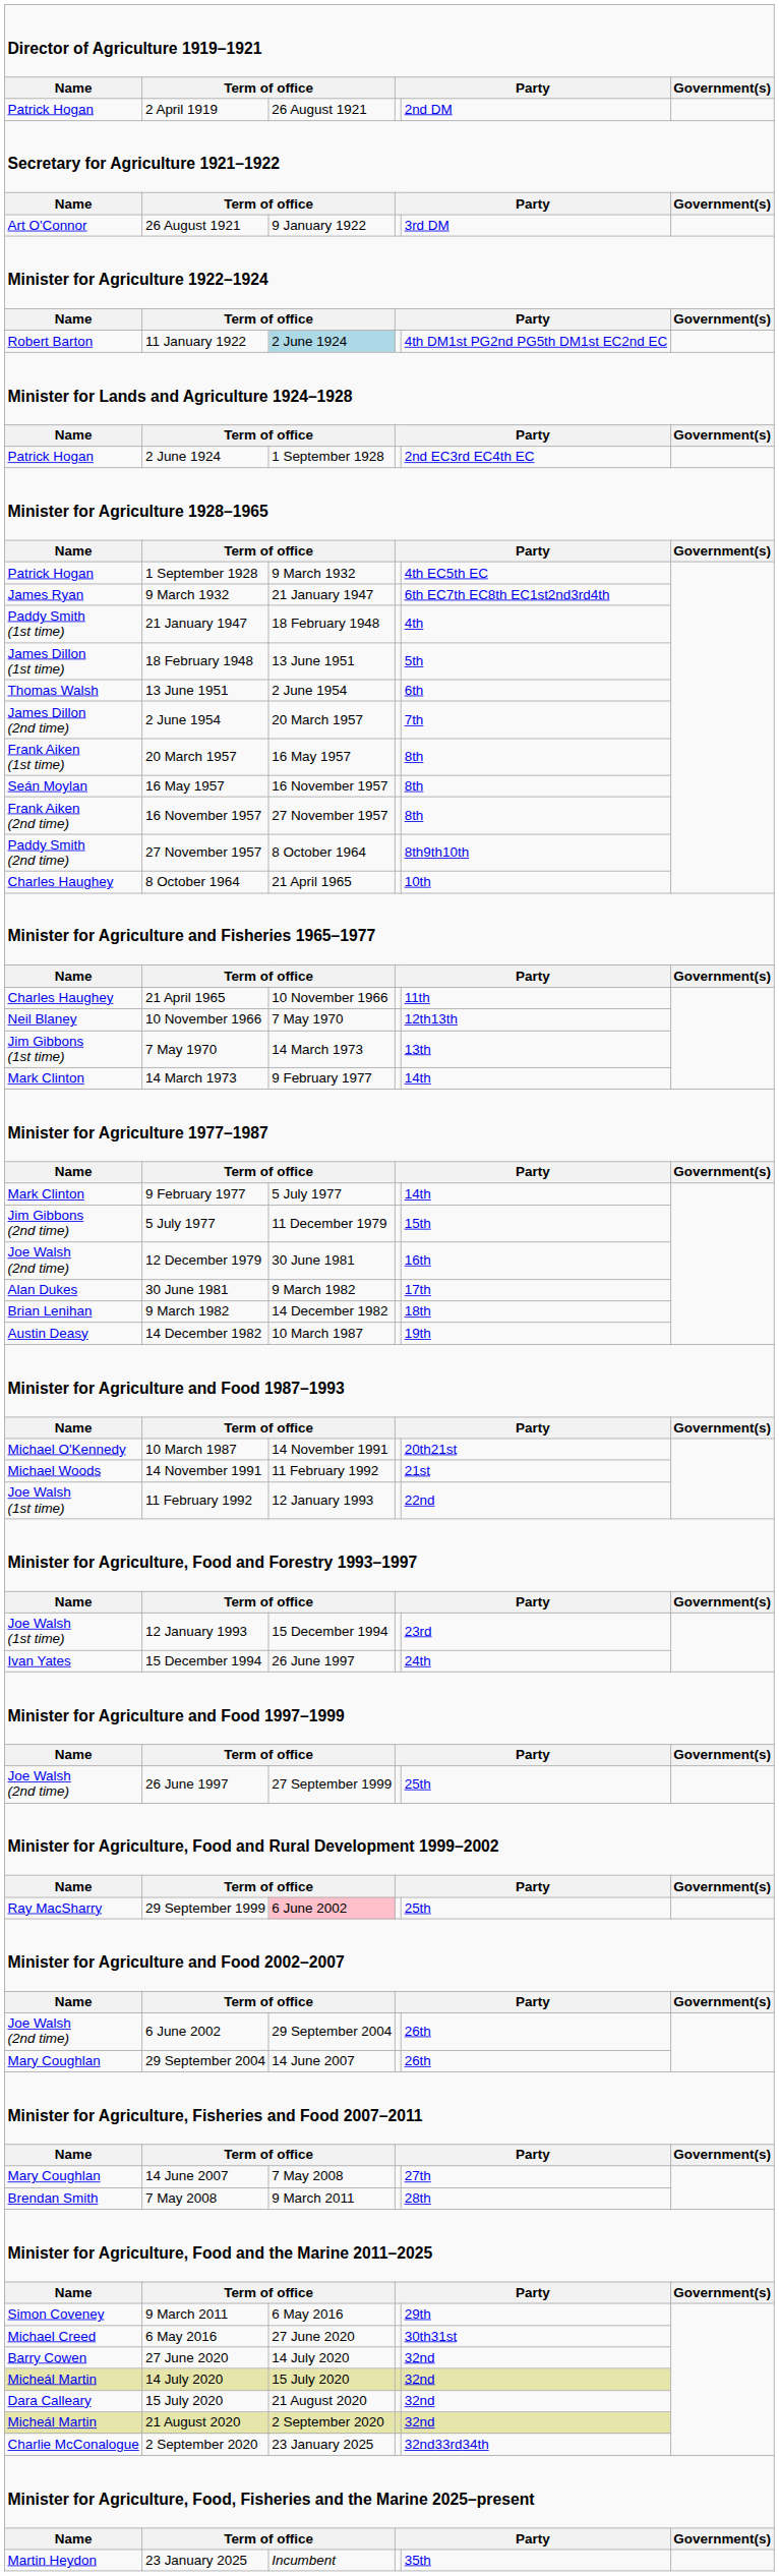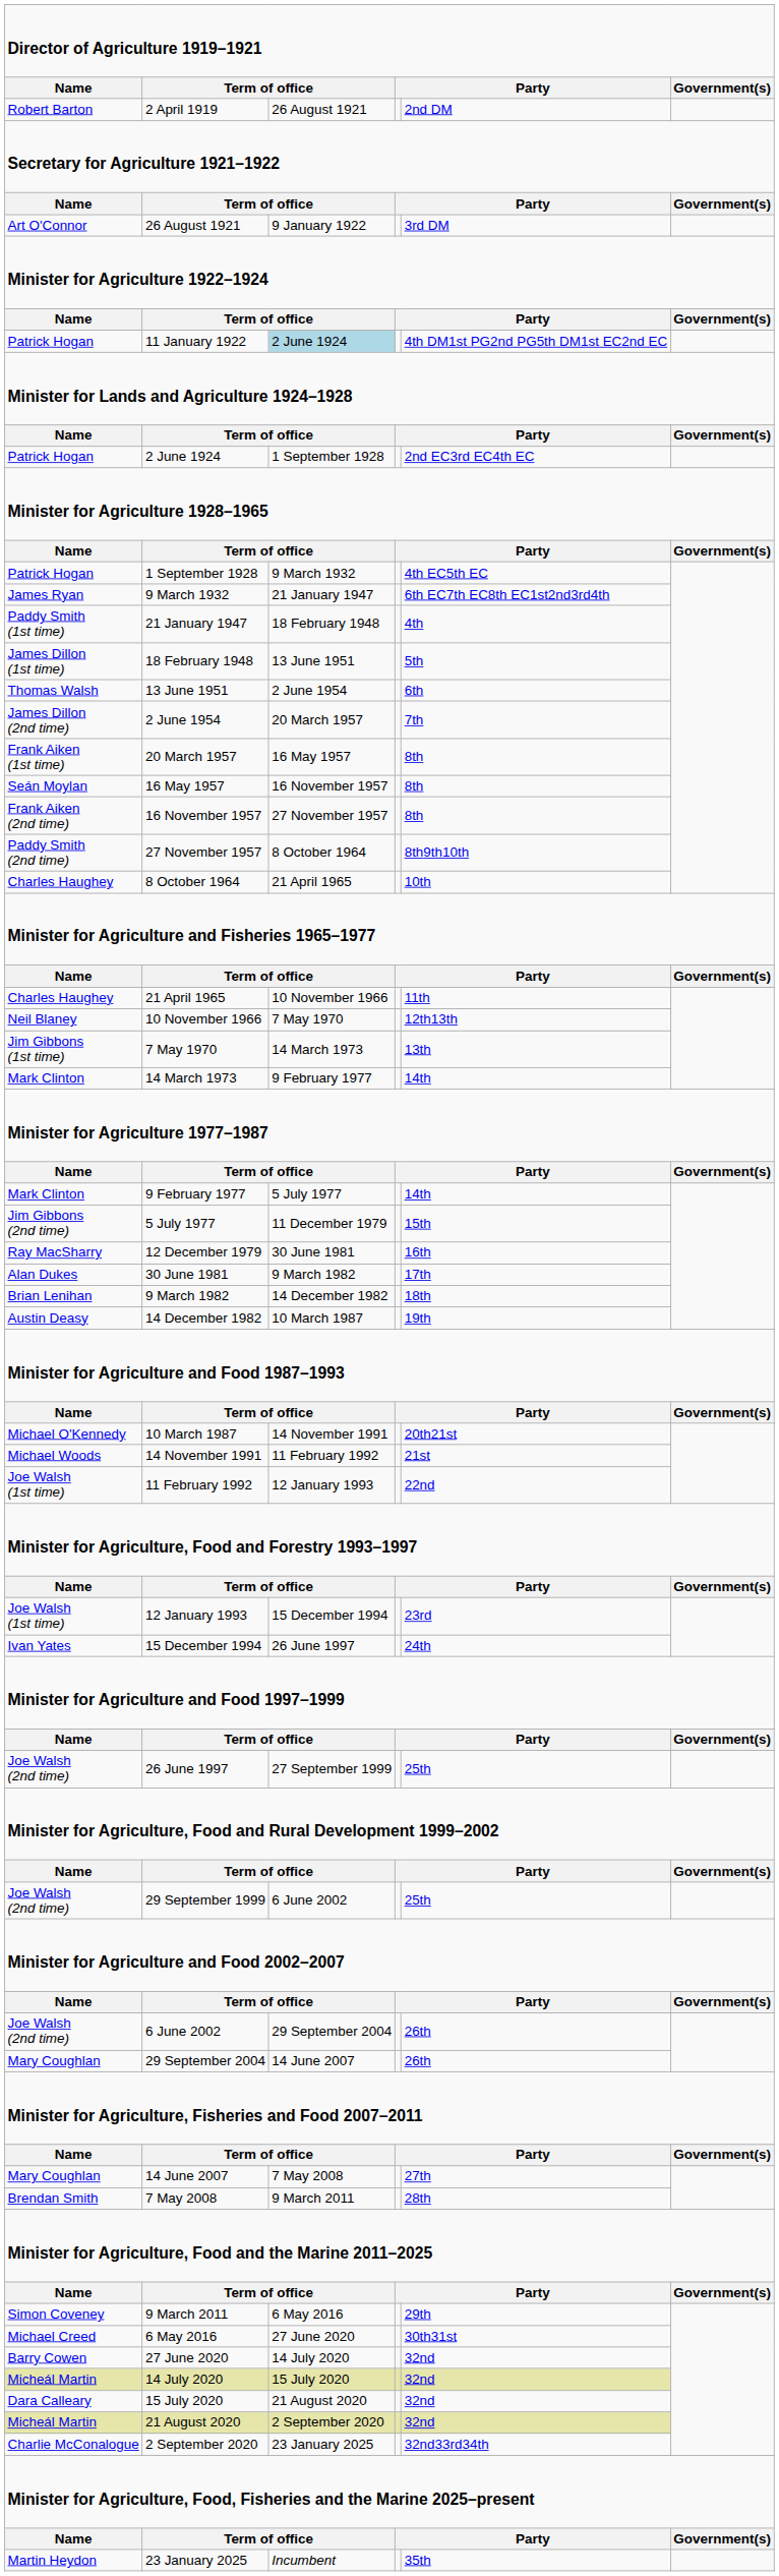 <table class ="wikitable">
 <tr>
 <td colspan="6"><br><h3>Director of Agriculture 1919–1921</h3></td>
 </tr>
 <tr>
 <th>Name</th>
 <th colspan="2">Term of office</th>
 <th colspan="2">Party</th>
 <th>Government(s)</th>
 </tr>
 <tr>
-<td><a href='#'>Patrick Hogan</a></td>
+<td><a href='#'>Robert Barton</a></td>
 <td>2 April 1919</td>
 <td>26 August 1921</td>
 <td></td>
 <td><a href='#'>2nd DM</a></td>
 </tr>
 <tr>
 <td colspan="6"><br><h3>Secretary for Agriculture 1921–1922</h3></td>
 </tr>
 <tr>
 <th>Name</th>
 <th colspan="2">Term of office</th>
 <th colspan="2">Party</th>
 <th>Government(s)</th>
 </tr>
 <tr>
 <td><a href='#'>Art O'Connor</a></td>
 <td>26 August 1921</td>
 <td>9 January 1922</td>
 <td></td>
 <td><a href='#'>3rd DM</a></td>
 </tr>
 <tr>
 <td colspan="6"><br><h3>Minister for Agriculture 1922–1924</h3></td>
 </tr>
 <tr>
 <th>Name</th>
 <th colspan="2">Term of office</th>
 <th colspan="2">Party</th>
 <th>Government(s)</th>
 </tr>
 <tr>
-<td><a href='#'>Robert Barton</a></td>
+<td><a href='#'>Patrick Hogan</a></td>
 <td>11 January 1922</td>
 <td style="background: lightblue;">2 June 1924</td>
 <td></td>
 <td><a href='#'>4th DM</a><a href='#'>1st PG</a><a href='#'>2nd PG</a><a href='#'>5th DM</a><a href='#'>1st EC</a><a href='#'>2nd EC</a></td>
 </tr>
 <tr>
 <td colspan="6"><br><h3>Minister for Lands and Agriculture 1924–1928</h3></td>
 </tr>
 <tr>
 <th>Name</th>
 <th colspan="2">Term of office</th>
 <th colspan="2">Party</th>
 <th>Government(s)</th>
 </tr>
 <tr>
 <td><a href='#'>Patrick Hogan</a></td>
 <td>2 June 1924</td>
 <td>1 September 1928</td>
 <td></td>
 <td><a href='#'>2nd EC</a><a href='#'>3rd EC</a><a href='#'>4th EC</a></td>
 </tr>
 <tr>
 <td colspan="6"><br><h3>Minister for Agriculture 1928–1965</h3></td>
 </tr>
 <tr>
 <th>Name</th>
 <th colspan="2">Term of office</th>
 <th colspan="2">Party</th>
 <th>Government(s)</th>
 </tr>
 <tr>
 <td><a href='#'>Patrick Hogan</a></td>
 <td>1 September 1928</td>
 <td>9 March 1932</td>
 <td></td>
 <td><a href='#'>4th EC</a><a href='#'>5th EC</a></td>
 </tr>
 <tr>
 <td><a href='#'>James Ryan</a></td>
 <td>9 March 1932</td>
 <td>21 January 1947</td>
 <td></td>
 <td><a href='#'>6th EC</a><a href='#'>7th EC</a><a href='#'>8th EC</a><a href='#'>1st</a><a href='#'>2nd</a><a href='#'>3rd</a><a href='#'>4th</a></td>
 </tr>
 <tr>
 <td><a href='#'>Paddy Smith</a><br><em>(1st time)</em></td>
 <td>21 January 1947</td>
 <td>18 February 1948</td>
 <td></td>
 <td><a href='#'>4th</a></td>
 </tr>
 <tr>
 <td><a href='#'>James Dillon</a><br><em>(1st time)</em></td>
 <td>18 February 1948</td>
 <td>13 June 1951</td>
 <td></td>
 <td><a href='#'>5th</a></td>
 </tr>
 <tr>
 <td><a href='#'>Thomas Walsh</a></td>
 <td>13 June 1951</td>
 <td>2 June 1954</td>
 <td></td>
 <td><a href='#'>6th</a></td>
 </tr>
 <tr>
 <td><a href='#'>James Dillon</a><br><em>(2nd time)</em></td>
 <td>2 June 1954</td>
 <td>20 March 1957</td>
 <td></td>
 <td><a href='#'>7th</a></td>
 </tr>
 <tr>
 <td><a href='#'>Frank Aiken</a><br><em>(1st time)</em></td>
 <td>20 March 1957</td>
 <td>16 May 1957</td>
 <td></td>
 <td><a href='#'>8th</a></td>
 </tr>
 <tr>
 <td><a href='#'>Seán Moylan</a></td>
 <td>16 May 1957</td>
 <td>16 November 1957</td>
 <td></td>
 <td><a href='#'>8th</a></td>
 </tr>
 <tr>
 <td><a href='#'>Frank Aiken</a><br><em>(2nd time)</em></td>
 <td>16 November 1957</td>
 <td>27 November 1957</td>
 <td></td>
 <td><a href='#'>8th</a></td>
 </tr>
 <tr>
 <td><a href='#'>Paddy Smith</a><br><em>(2nd time)</em></td>
 <td>27 November 1957</td>
 <td>8 October 1964</td>
 <td></td>
 <td><a href='#'>8th</a><a href='#'>9th</a><a href='#'>10th</a></td>
 </tr>
 <tr>
 <td><a href='#'>Charles Haughey</a></td>
 <td>8 October 1964</td>
 <td>21 April 1965</td>
 <td></td>
 <td><a href='#'>10th</a></td>
 </tr>
 <tr>
 <td colspan="6"><br><h3>Minister for Agriculture and Fisheries 1965–1977</h3></td>
 </tr>
 <tr>
 <th>Name</th>
 <th colspan="2">Term of office</th>
 <th colspan="2">Party</th>
 <th>Government(s)</th>
 </tr>
 <tr>
 <td><a href='#'>Charles Haughey</a></td>
 <td>21 April 1965</td>
 <td>10 November 1966</td>
 <td></td>
 <td><a href='#'>11th</a></td>
 </tr>
 <tr>
 <td><a href='#'>Neil Blaney</a></td>
 <td>10 November 1966</td>
 <td>7 May 1970</td>
 <td></td>
 <td><a href='#'>12th</a><a href='#'>13th</a></td>
 </tr>
 <tr>
 <td><a href='#'>Jim Gibbons</a><br><em>(1st time)</em></td>
 <td>7 May 1970</td>
 <td>14 March 1973</td>
 <td></td>
 <td><a href='#'>13th</a></td>
 </tr>
 <tr>
 <td><a href='#'>Mark Clinton</a></td>
 <td>14 March 1973</td>
 <td>9 February 1977</td>
 <td></td>
 <td><a href='#'>14th</a></td>
 </tr>
 <tr>
 <td colspan="6"><br><h3>Minister for Agriculture 1977–1987</h3></td>
 </tr>
 <tr>
 <th>Name</th>
 <th colspan="2">Term of office</th>
 <th colspan="2">Party</th>
 <th>Government(s)</th>
 </tr>
 <tr>
 <td><a href='#'>Mark Clinton</a></td>
 <td>9 February 1977</td>
 <td>5 July 1977</td>
 <td></td>
 <td><a href='#'>14th</a></td>
 </tr>
 <tr>
 <td><a href='#'>Jim Gibbons</a><br><em>(2nd time)</em></td>
 <td>5 July 1977</td>
 <td>11 December 1979</td>
 <td></td>
 <td><a href='#'>15th</a></td>
 </tr>
 <tr>
-<td><a href='#'>Joe Walsh</a><br><em>(2nd time)</em></td>
+<td><a href='#'>Ray MacSharry</a></td>
 <td>12 December 1979</td>
 <td>30 June 1981</td>
 <td></td>
 <td><a href='#'>16th</a></td>
 </tr>
 <tr>
 <td><a href='#'>Alan Dukes</a></td>
 <td>30 June 1981</td>
 <td>9 March 1982</td>
 <td></td>
 <td><a href='#'>17th</a></td>
 </tr>
 <tr>
 <td><a href='#'>Brian Lenihan</a></td>
 <td>9 March 1982</td>
 <td>14 December 1982</td>
 <td></td>
 <td><a href='#'>18th</a></td>
 </tr>
 <tr>
 <td><a href='#'>Austin Deasy</a></td>
 <td>14 December 1982</td>
 <td>10 March 1987</td>
 <td></td>
 <td><a href='#'>19th</a></td>
 </tr>
 <tr>
 <td colspan="6"><br><h3>Minister for Agriculture and Food 1987–1993</h3></td>
 </tr>
 <tr>
 <th>Name</th>
 <th colspan="2">Term of office</th>
 <th colspan="2">Party</th>
 <th>Government(s)</th>
 </tr>
 <tr>
 <td><a href='#'>Michael O'Kennedy</a></td>
 <td>10 March 1987</td>
 <td>14 November 1991</td>
 <td></td>
 <td><a href='#'>20th</a><a href='#'>21st</a></td>
 </tr>
 <tr>
 <td><a href='#'>Michael Woods</a></td>
 <td>14 November 1991</td>
 <td>11 February 1992</td>
 <td></td>
 <td><a href='#'>21st</a></td>
 </tr>
 <tr>
 <td><a href='#'>Joe Walsh</a><br><em>(1st time)</em></td>
 <td>11 February 1992</td>
 <td>12 January 1993</td>
 <td></td>
 <td><a href='#'>22nd</a></td>
 </tr>
 <tr>
 <td colspan="6"><br><h3>Minister for Agriculture, Food and Forestry 1993–1997</h3></td>
 </tr>
 <tr>
 <th>Name</th>
 <th colspan="2">Term of office</th>
 <th colspan="2">Party</th>
 <th>Government(s)</th>
 </tr>
 <tr>
 <td><a href='#'>Joe Walsh</a><br><em>(1st time)</em></td>
 <td>12 January 1993</td>
 <td>15 December 1994</td>
 <td></td>
 <td><a href='#'>23rd</a></td>
 </tr>
 <tr>
 <td><a href='#'>Ivan Yates</a></td>
 <td>15 December 1994</td>
 <td>26 June 1997</td>
 <td></td>
 <td><a href='#'>24th</a></td>
 </tr>
 <tr>
 <td colspan="6"><br><h3>Minister for Agriculture and Food 1997–1999</h3></td>
 </tr>
 <tr>
 <th>Name</th>
 <th colspan="2">Term of office</th>
 <th colspan="2">Party</th>
 <th>Government(s)</th>
 </tr>
 <tr>
 <td><a href='#'>Joe Walsh</a><br><em>(2nd time)</em></td>
 <td>26 June 1997</td>
 <td>27 September 1999</td>
 <td></td>
 <td><a href='#'>25th</a></td>
 </tr>
 <tr>
 <td colspan="6"><br><h3>Minister for Agriculture, Food and Rural Development 1999–2002</h3></td>
 </tr>
 <tr>
 <th>Name</th>
 <th colspan="2">Term of office</th>
 <th colspan="2">Party</th>
 <th>Government(s)</th>
 </tr>
 <tr>
-<td><a href='#'>Ray MacSharry</a></td>
+<td><a href='#'>Joe Walsh</a><br><em>(2nd time)</em></td>
 <td>29 September 1999</td>
-<td style="background: pink;">6 June 2002</td>
+<td>6 June 2002</td>
 <td></td>
 <td><a href='#'>25th</a></td>
 </tr>
 <tr>
 <td colspan="7"><br><h3>Minister for Agriculture and Food 2002–2007</h3></td>
 </tr>
 <tr>
 <th>Name</th>
 <th colspan="2">Term of office</th>
 <th colspan="2">Party</th>
 <th>Government(s)</th>
 </tr>
 <tr>
 <td><a href='#'>Joe Walsh</a><br><em>(2nd time)</em></td>
 <td>6 June 2002</td>
 <td>29 September 2004</td>
 <td></td>
 <td><a href='#'>26th</a></td>
 </tr>
 <tr>
 <td><a href='#'>Mary Coughlan</a></td>
 <td>29 September 2004</td>
 <td>14 June 2007</td>
 <td></td>
 <td><a href='#'>26th</a></td>
 </tr>
 <tr>
 <td colspan="6"><br><h3>Minister for Agriculture, Fisheries and Food 2007–2011</h3></td>
 </tr>
 <tr>
 <th>Name</th>
 <th colspan="2">Term of office</th>
 <th colspan="2">Party</th>
 <th>Government(s)</th>
 </tr>
 <tr>
 <td><a href='#'>Mary Coughlan</a></td>
 <td>14 June 2007</td>
 <td>7 May 2008</td>
 <td></td>
 <td><a href='#'>27th</a></td>
 </tr>
 <tr>
 <td><a href='#'>Brendan Smith</a></td>
 <td>7 May 2008</td>
 <td>9 March 2011</td>
 <td></td>
 <td><a href='#'>28th</a></td>
 </tr>
 <tr>
 <td colspan="6"><br><h3>Minister for Agriculture, Food and the Marine 2011–2025</h3></td>
 </tr>
 <tr>
 <th>Name</th>
 <th colspan="2">Term of office</th>
 <th colspan="2">Party</th>
 <th>Government(s)</th>
 </tr>
 <tr>
 <td><a href='#'>Simon Coveney</a></td>
 <td>9 March 2011</td>
 <td>6 May 2016</td>
 <td></td>
 <td><a href='#'>29th</a></td>
 </tr>
 <tr>
 <td><a href='#'>Michael Creed</a></td>
 <td>6 May 2016</td>
 <td>27 June 2020</td>
 <td></td>
 <td><a href='#'>30th</a><a href='#'>31st</a></td>
 </tr>
 <tr>
 <td><a href='#'>Barry Cowen</a></td>
 <td>27 June 2020</td>
 <td>14 July 2020</td>
 <td></td>
 <td><a href='#'>32nd</a></td>
 </tr>
 <tr bgcolor=#E6E6AA>
 <td><a href='#'>Micheál Martin</a> </td>
 <td>14 July 2020</td>
 <td>15 July 2020</td>
 <td></td>
 <td><a href='#'>32nd</a></td>
 </tr>
 <tr>
 <td><a href='#'>Dara Calleary</a></td>
 <td>15 July 2020</td>
 <td>21 August 2020</td>
 <td></td>
 <td><a href='#'>32nd</a></td>
 </tr>
 <tr bgcolor=#E6E6AA>
 <td><a href='#'>Micheál Martin</a> </td>
 <td>21 August 2020</td>
 <td>2 September 2020</td>
 <td></td>
 <td><a href='#'>32nd</a></td>
 </tr>
 <tr>
 <td><a href='#'>Charlie McConalogue</a></td>
 <td>2 September 2020</td>
 <td>23 January 2025</td>
 <td></td>
 <td><a href='#'>32nd</a><a href='#'>33rd</a><a href='#'>34th</a></td>
 </tr>
 <tr>
 <td colspan="6"><br><h3>Minister for Agriculture, Food, Fisheries and the Marine 2025–present</h3></td>
 </tr>
 <tr>
 <th>Name</th>
 <th colspan="2">Term of office</th>
 <th colspan="2">Party</th>
 <th>Government(s)</th>
 </tr>
 <tr>
 <td><a href='#'>Martin Heydon</a></td>
 <td>23 January 2025</td>
 <td><em>Incumbent</em></td>
 <td></td>
 <td><a href='#'>35th</a></td>
 </tr>
 </table>
